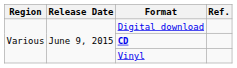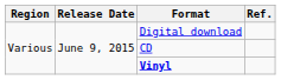 <table class="wikitable">
 <tr>
 <th>Region</th>
 <th>Release Date</th>
 <th>Format</th>
 <th>Ref.</th>
 </tr>
 <tr>
 <td rowspan="3">Various</td>
 <td rowspan="3">June 9, 2015</td>
 <td><a href='#'>Digital download</a></td>
 <td></td>
 </tr>
 <tr>
-<td><strong><a href='#'>CD</a></strong></td>
+<td><a href='#'>CD</a></td>
 <td></td>
 </tr>
 <tr>
-<td><a href='#'>Vinyl</a></td>
+<td><strong><a href='#'>Vinyl</a></strong></td>
 <td></td>
 </tr>
 </table>
